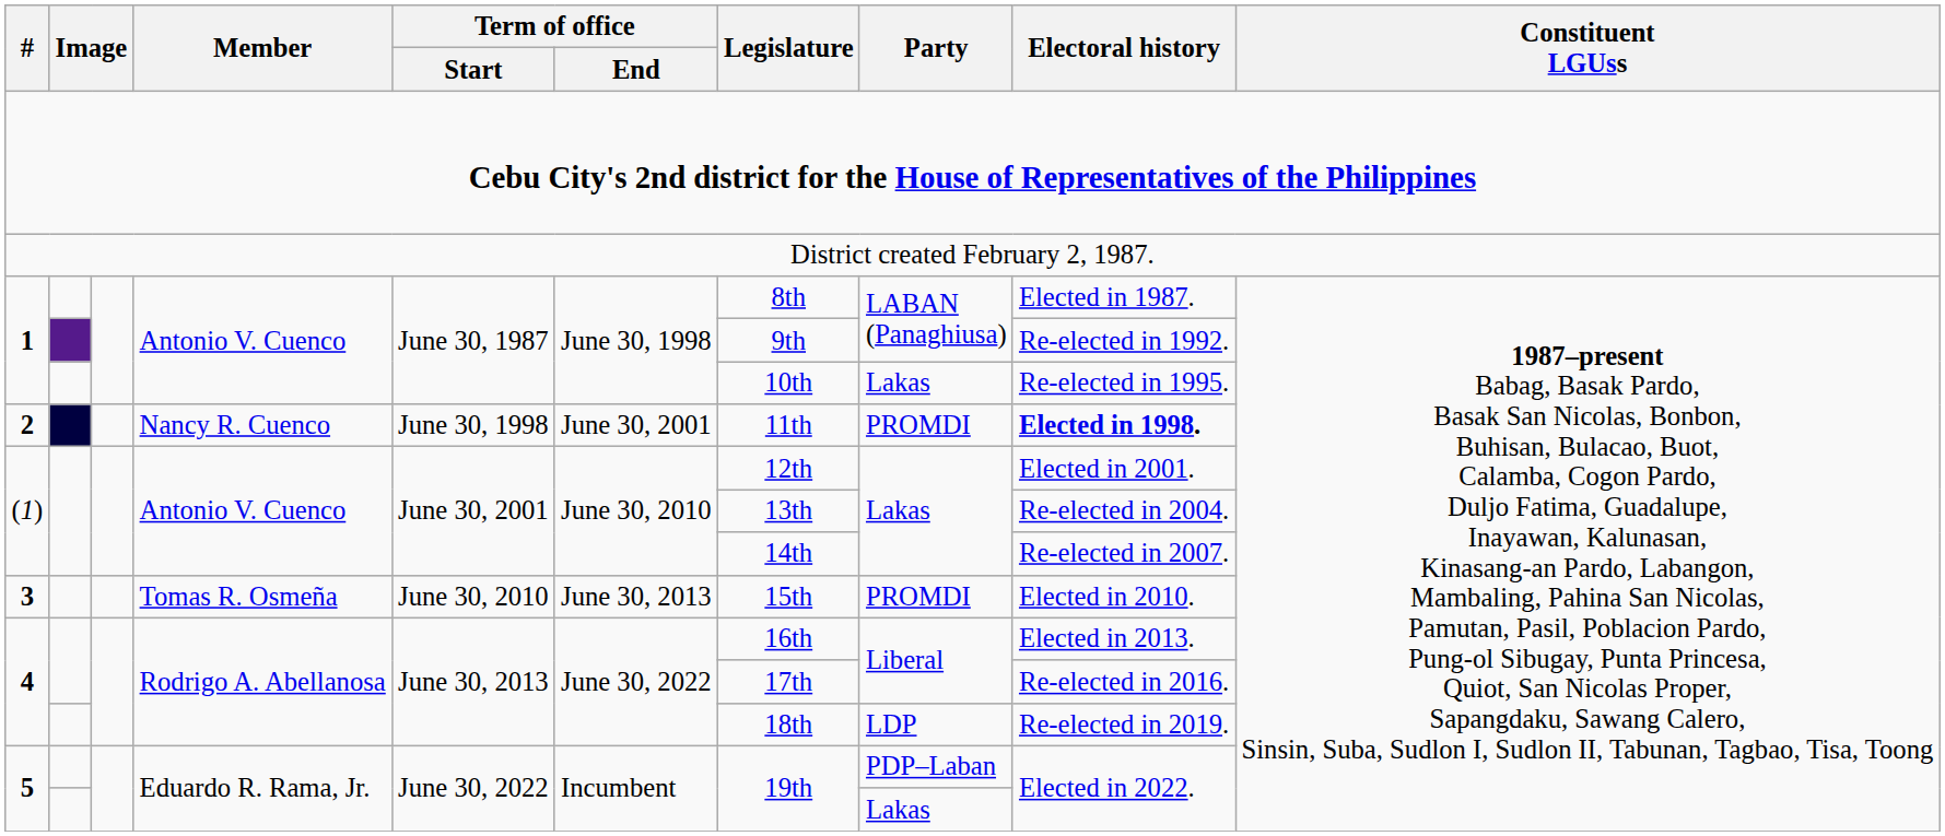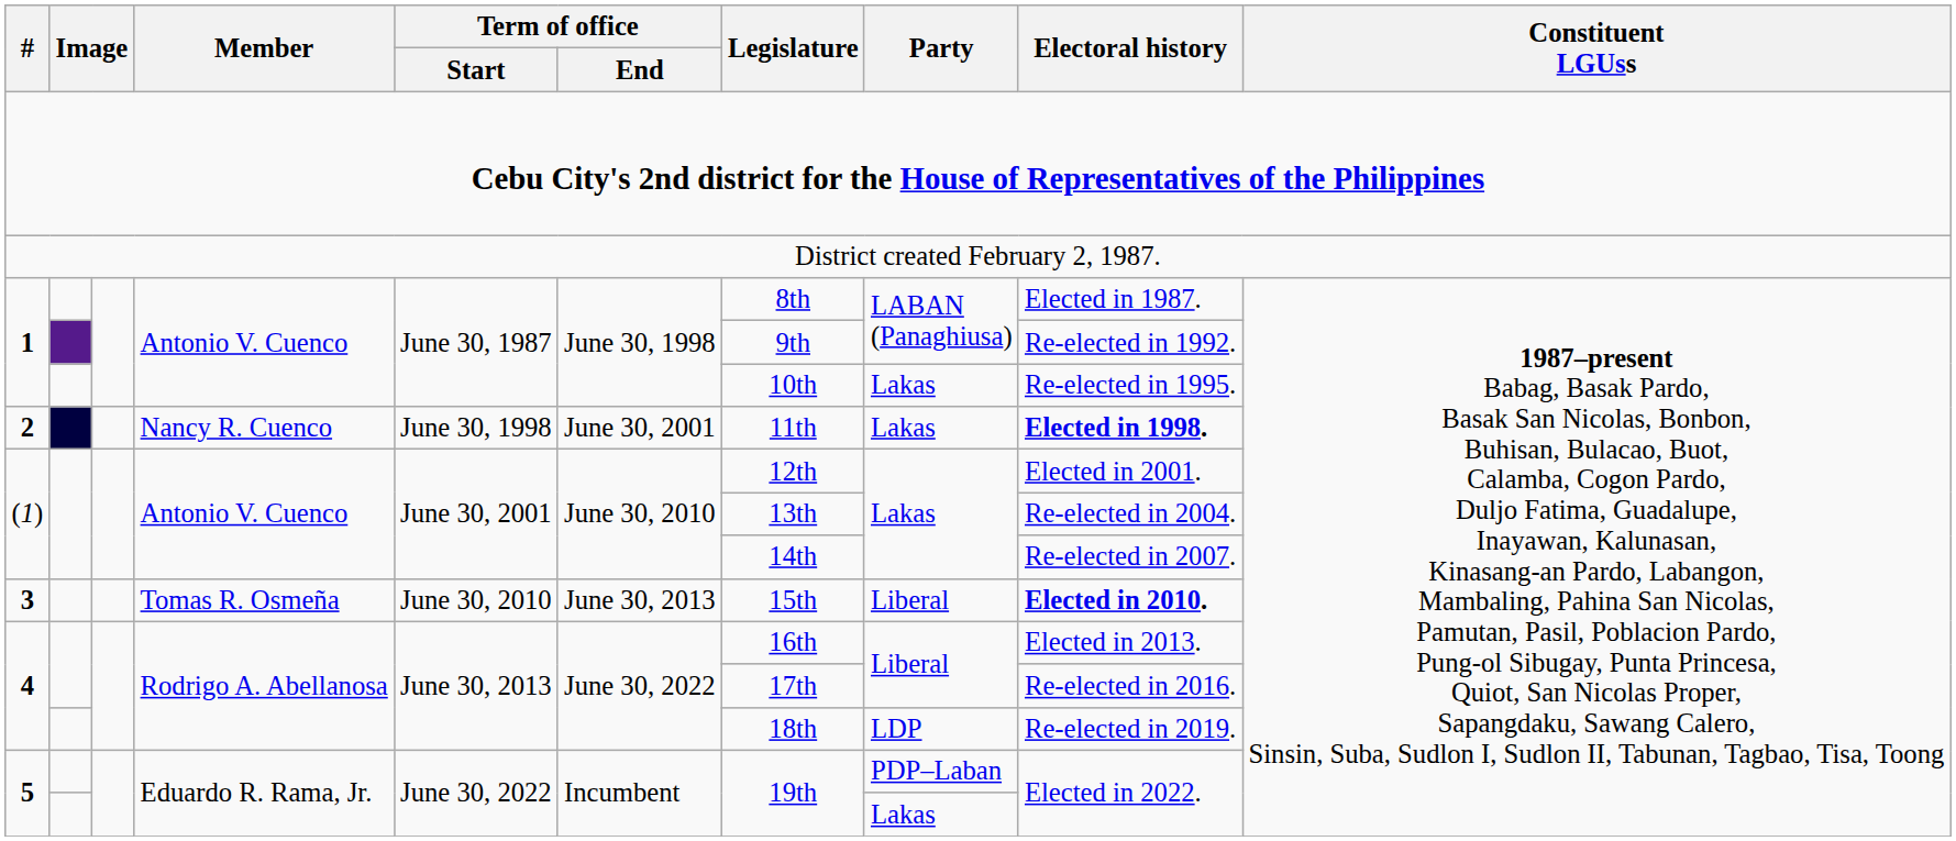 <table class=wikitable>
 <tr>
 <th rowspan="2">#</th>
 <th rowspan="2" colspan=2>Image</th>
 <th rowspan="2">Member</th>
 <th colspan=2>Term of office</th>
 <th rowspan="2">Legislature</th>
 <th rowspan="2">Party</th>
 <th rowspan="2">Electoral history</th>
 <th rowspan="2">Constituent<br><a href='#'>LGUs</a>s</th>
 </tr>
 <tr>
 <th>Start</th>
 <th>End</th>
 </tr>
 <tr>
 <td colspan="10" style="text-align:center;"><br><h3>Cebu City's 2nd district for the <a href='#'>House of Representatives of the Philippines</a></h3></td>
 </tr>
 <tr>
 <td colspan="10" style="text-align:center;">District created February 2, 1987.</td>
 </tr>
 <tr>
 <td rowspan="3" style="text-align:center;"><strong>1</strong></td>
 <td style="background:"></td>
 <td rowspan="3"></td>
 <td rowspan="3"><a href='#'>Antonio V. Cuenco</a></td>
 <td rowspan="3">June 30, 1987</td>
 <td rowspan="3">June 30, 1998</td>
 <td style="text-align:center;"><a href='#'>8th</a></td>
 <td rowspan="2"><a href='#'>LABAN</a><br>(<a href='#'>Panaghiusa</a>)</td>
 <td><a href='#'>Elected in 1987</a>.</td>
 <td rowspan="13" style="text-align:center;"><strong>1987–present</strong><br>Babag, Basak Pardo,<br>Basak San Nicolas, Bonbon,<br>Buhisan, Bulacao, Buot,<br>Calamba, Cogon Pardo,<br>Duljo Fatima, Guadalupe,<br>Inayawan, Kalunasan,<br>Kinasang-an Pardo, Labangon,<br>Mambaling, Pahina San Nicolas,<br>Pamutan, Pasil, Poblacion Pardo,<br>Pung-ol Sibugay, Punta Princesa,<br>Quiot, San Nicolas Proper,<br>Sapangdaku, Sawang Calero,<br>Sinsin, Suba, Sudlon I, Sudlon II, Tabunan, Tagbao, Tisa, Toong</td>
 </tr>
 <tr>
 <td style="background:#551a8b;"></td>
 <td style="text-align:center;"><a href='#'>9th</a></td>
 <td><a href='#'>Re-elected in 1992</a>.</td>
 </tr>
 <tr>
 <td style="background:"></td>
 <td style="text-align:center;"><a href='#'>10th</a></td>
 <td><a href='#'>Lakas</a></td>
 <td><a href='#'>Re-elected in 1995</a>.</td>
 </tr>
 <tr>
 <td style="text-align:center;"><strong>2</strong></td>
 <td style="background:#000040;"></td>
 <td></td>
 <td><a href='#'>Nancy R. Cuenco</a></td>
 <td>June 30, 1998</td>
 <td>June 30, 2001</td>
 <td style="text-align:center;"><a href='#'>11th</a></td>
-<td><a href='#'>PROMDI</a></td>
+<td><a href='#'>Lakas</a></td>
 <td><strong><a href='#'>Elected in 1998</a>.</strong></td>
 </tr>
 <tr>
 <td rowspan="3" style="text-align:center;">(<em>1</em>)</td>
 <td rowspan="3" style="background:"></td>
 <td rowspan="3"></td>
 <td rowspan="3"><a href='#'>Antonio V. Cuenco</a></td>
 <td rowspan="3">June 30, 2001</td>
 <td rowspan="3">June 30, 2010</td>
 <td style="text-align:center;"><a href='#'>12th</a></td>
 <td rowspan="3"><a href='#'>Lakas</a></td>
 <td><a href='#'>Elected in 2001</a>.</td>
 </tr>
 <tr>
 <td style="text-align:center;"><a href='#'>13th</a></td>
 <td><a href='#'>Re-elected in 2004</a>.</td>
 </tr>
 <tr>
 <td style="text-align:center;"><a href='#'>14th</a></td>
 <td><a href='#'>Re-elected in 2007</a>.</td>
 </tr>
 <tr>
 <td style="text-align:center;"><strong>3</strong></td>
 <td style="background:"></td>
 <td></td>
 <td><a href='#'>Tomas R. Osmeña</a></td>
 <td>June 30, 2010</td>
 <td>June 30, 2013</td>
 <td style="text-align:center;"><a href='#'>15th</a></td>
-<td><a href='#'>PROMDI</a></td>
-<td><a href='#'>Elected in 2010</a>.</td>
+<td><a href='#'>Liberal</a></td>
+<td><strong><a href='#'>Elected in 2010</a>.</strong></td>
 </tr>
 <tr>
 <td rowspan="3" style="text-align:center;"><strong>4</strong></td>
 <td rowspan="2" style="background:"></td>
 <td rowspan="3"></td>
 <td rowspan="3"><a href='#'>Rodrigo A. Abellanosa</a></td>
 <td rowspan="3">June 30, 2013</td>
 <td rowspan="3">June 30, 2022</td>
 <td style="text-align:center;"><a href='#'>16th</a></td>
 <td rowspan="2"><a href='#'>Liberal</a></td>
 <td><a href='#'>Elected in 2013</a>.</td>
 </tr>
 <tr>
 <td style="text-align:center;"><a href='#'>17th</a></td>
 <td><a href='#'>Re-elected in 2016</a>.</td>
 </tr>
 <tr>
 <td style="background:"></td>
 <td style="text-align:center;"><a href='#'>18th</a></td>
 <td><a href='#'>LDP</a></td>
 <td><a href='#'>Re-elected in 2019</a>.</td>
 </tr>
 <tr>
 <td rowspan="2" style="text-align:center;"><strong>5</strong></td>
 <td style="background:"></td>
 <td rowspan="2"></td>
 <td rowspan="2">Eduardo R. Rama, Jr.</td>
 <td rowspan="2">June 30, 2022</td>
 <td rowspan="2">Incumbent</td>
 <td style="text-align:center;" rowspan="2"><a href='#'>19th</a></td>
 <td><a href='#'>PDP–Laban</a></td>
 <td rowspan="2"><a href='#'>Elected in 2022</a>.</td>
 </tr>
 <tr>
 <td style="background:"></td>
 <td><a href='#'>Lakas</a></td>
 </tr>
 </table>
